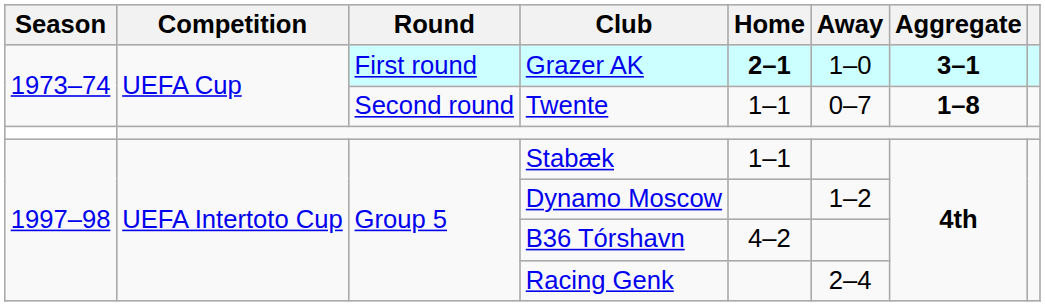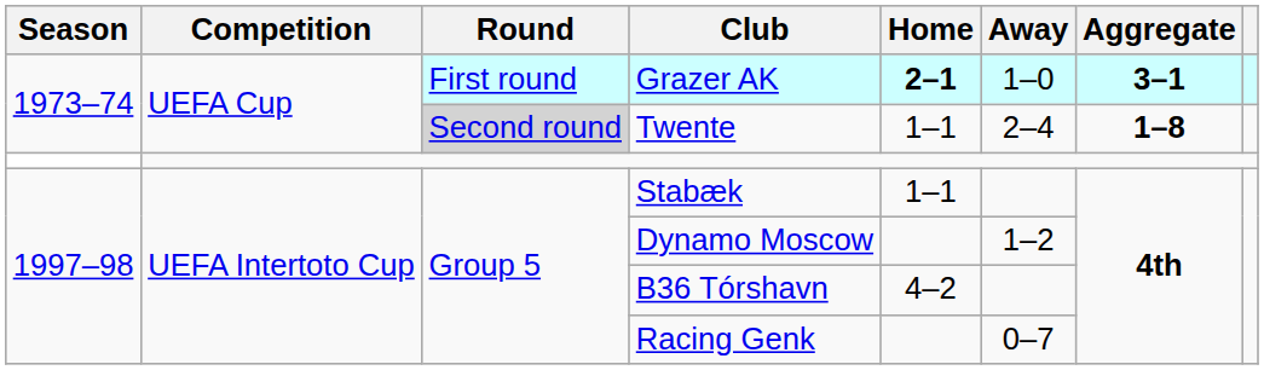 <table class="wikitable">
 <tr>
 <th>Season</th>
 <th>Competition</th>
 <th>Round</th>
 <th>Club</th>
 <th>Home</th>
 <th>Away</th>
 <th>Aggregate</th>
 <th></th>
 </tr>
 <tr>
 <td rowspan="2"><a href='#'>1973–74</a></td>
 <td rowspan="2"><a href='#'>UEFA Cup</a></td>
 <td style="background-color:#CFF"><a href='#'>First round</a></td>
 <td style="background-color:#CFF"> <a href='#'>Grazer AK</a></td>
 <td style="background-color:#CFF" align=center><strong>2–1</strong></td>
 <td style="background-color:#CFF" align=center>1–0</td>
 <td style="background-color:#CFF" align=center><strong>3–1</strong></td>
 <td style="background-color:#CFF"></td>
 </tr>
 <tr>
-<td><a href='#'>Second round</a></td>
+<td style="background: lightgrey;"><a href='#'>Second round</a></td>
 <td> <a href='#'>Twente</a></td>
 <td align="center">1–1</td>
-<td align="center">0–7</td>
+<td align="center">2–4</td>
 <td align="center"><strong>1–8</strong></td>
 <td></td>
 </tr>
 <tr>
 <td colspan=1 style="text-align: center;" bgcolor=white></td>
 </tr>
 <tr>
 <td rowspan="4"><a href='#'>1997–98</a></td>
 <td rowspan="4"><a href='#'>UEFA Intertoto Cup</a></td>
 <td rowspan="4"><a href='#'>Group 5</a></td>
 <td> <a href='#'>Stabæk</a></td>
 <td align="center">1–1</td>
 <td align="center"></td>
 <td rowspan=4 align="center"><strong>4th</strong></td>
 <td rowspan=4 align="center"></td>
 </tr>
 <tr>
 <td> <a href='#'>Dynamo Moscow</a></td>
 <td align="center"></td>
 <td align="center">1–2</td>
 </tr>
 <tr>
 <td> <a href='#'>B36 Tórshavn</a></td>
 <td align="center">4–2</td>
 <td align="center"></td>
 </tr>
 <tr>
 <td> <a href='#'>Racing Genk</a></td>
 <td align="center"></td>
-<td align="center">2–4</td>
+<td align="center">0–7</td>
 </tr>
 </table>
